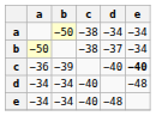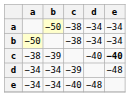 <table class="wikitable" style="text-align: center">
 <tr>
 <th style="width: 20px;"></th>
 <th style="width: 20px;">a</th>
 <th style="width: 20px;">b</th>
 <th style="width: 20px;">c</th>
 <th style="width: 20px;">d</th>
 <th style="width: 20px;">e</th>
 </tr>
 <tr>
 <th>a</th>
 <td></td>
 <td style=background:#ffffcc;>−50</td>
 <td>−38</td>
 <td>−34</td>
 <td>−34</td>
 </tr>
 <tr>
 <th>b</th>
 <td style=background:#ffffcc;>−50</td>
 <td></td>
 <td>−38</td>
-<td>−37</td>
+<td>−34</td>
 <td>−34</td>
 </tr>
 <tr>
 <th>c</th>
-<td>−36</td>
+<td>−38</td>
 <td>−39</td>
 <td></td>
 <td>−40</td>
 <td><strong>−40</strong></td>
 </tr>
 <tr>
 <th>d</th>
 <td>−34</td>
 <td>−34</td>
-<td>−40</td>
+<td>−39</td>
 <td></td>
 <td>−48</td>
 </tr>
 <tr>
 <th>e</th>
 <td>−34</td>
 <td>−34</td>
 <td>−40</td>
 <td>−48</td>
 <td></td>
 </tr>
 <tr>
 </tr>
 </table>
